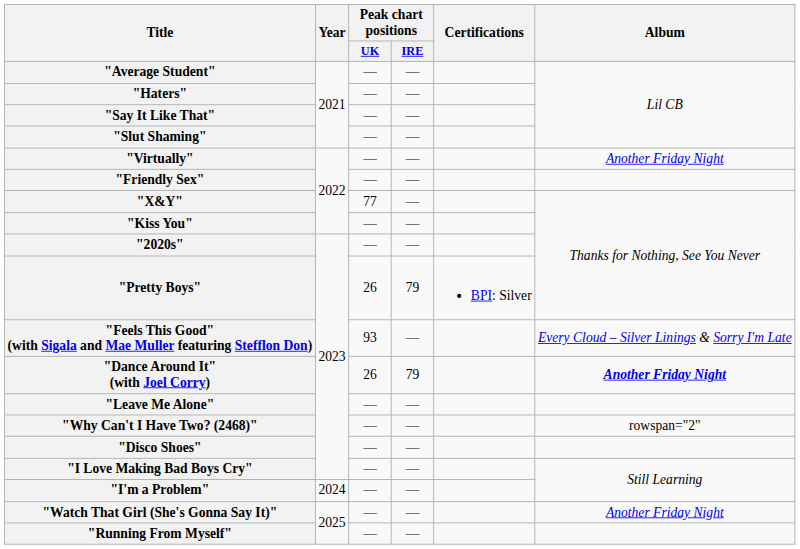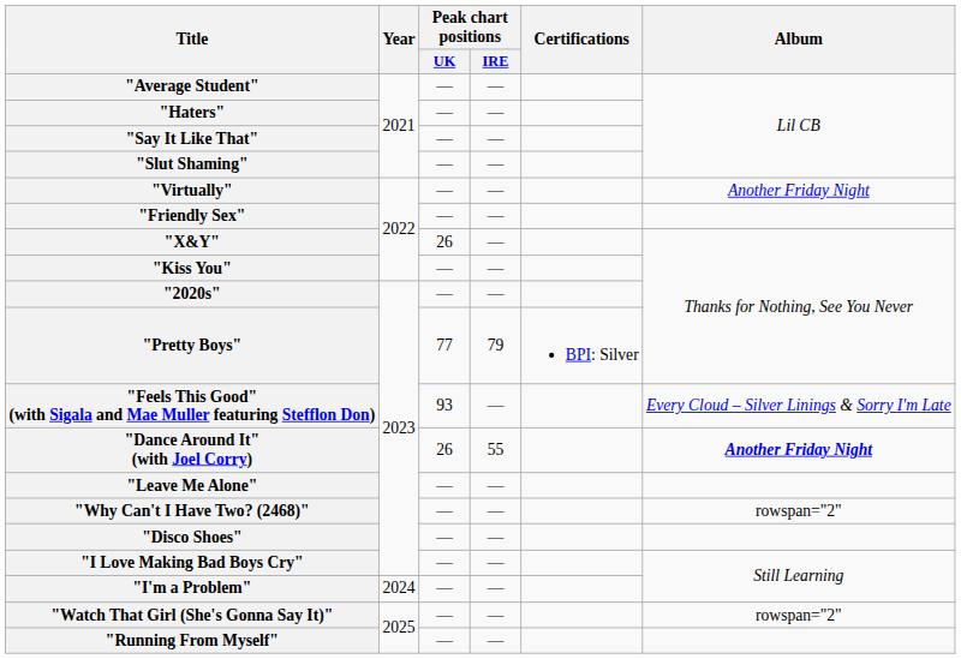 <table class="wikitable plainrowheaders" style="text-align:center">
 <tr>
 <th scope="col" rowspan="2">Title</th>
 <th scope="col" rowspan="2">Year</th>
 <th scope="col" colspan="2">Peak chart positions</th>
 <th scope="col" rowspan="2">Certifications</th>
 <th scope="col" rowspan="2">Album</th>
 </tr>
 <tr>
 <th scope="col" style="width:3em;font-size:90%;"><a href='#'>UK</a><br></th>
 <th scope="col" style="width:3em;font-size:90%;"><a href='#'>IRE</a><br></th>
 </tr>
 <tr>
 <th scope="row">"Average Student"</th>
 <td rowspan="4">2021</td>
 <td>—</td>
 <td>—</td>
 <td></td>
 <td rowspan="4"><em>Lil CB</em></td>
 </tr>
 <tr>
 <th scope="row">"Haters"</th>
 <td>—</td>
 <td>—</td>
 <td></td>
 </tr>
 <tr>
 <th scope="row">"Say It Like That"</th>
 <td>—</td>
 <td>—</td>
 <td></td>
 </tr>
 <tr>
 <th scope="row">"Slut Shaming"</th>
 <td>—</td>
 <td>—</td>
 <td></td>
 </tr>
 <tr>
 <th scope="row">"Virtually"</th>
 <td rowspan="4">2022</td>
 <td>—</td>
 <td>—</td>
 <td></td>
 <td><em><a href='#'>Another Friday Night</a></em></td>
 </tr>
 <tr>
 <th scope="row">"Friendly Sex"</th>
 <td>—</td>
 <td>—</td>
 <td></td>
 </tr>
 <tr>
 <th scope="row">"X&Y"</th>
-<td>77</td>
+<td>26</td>
 <td>—</td>
 <td></td>
 <td rowspan="4"><em>Thanks for Nothing, See You Never</em></td>
 </tr>
 <tr>
 <th scope="row">"Kiss You"</th>
 <td>—</td>
 <td>—</td>
 <td></td>
 </tr>
 <tr>
 <th scope="row">"2020s"</th>
 <td rowspan="8">2023</td>
 <td>—</td>
 <td>—</td>
 <td></td>
 </tr>
 <tr>
 <th scope="row">"Pretty Boys"</th>
-<td>26</td>
+<td>77</td>
 <td>79</td>
 <td><br><ul><li><a href='#'>BPI</a>: Silver</li></ul></td>
 </tr>
 <tr>
 <th scope="row">"Feels This Good"<br><span>(with <a href='#'>Sigala</a> and <a href='#'>Mae Muller</a> featuring <a href='#'>Stefflon Don</a>)</span></th>
 <td>93</td>
 <td>—</td>
 <td></td>
 <td><em><a href='#'>Every Cloud – Silver Linings</a> & <a href='#'>Sorry I'm Late</a></em></td>
 </tr>
 <tr>
 <th scope="row">"Dance Around It"<br><span>(with <a href='#'>Joel Corry</a>)</span></th>
 <td>26</td>
-<td>79</td>
+<td>55</td>
 <td></td>
 <td><strong><em><a href='#'>Another Friday Night</a></em></strong></td>
 </tr>
 <tr>
 <th scope="row">"Leave Me Alone"</th>
 <td>—</td>
 <td>—</td>
 <td></td>
 <td></td>
 </tr>
 <tr>
 <th scope="row">"Why Can't I Have Two? (2468)"</th>
 <td>—</td>
 <td>—</td>
 <td></td>
 <td>rowspan="2" </td>
 </tr>
 <tr>
 <th scope="row">"Disco Shoes"</th>
 <td>—</td>
 <td>—</td>
 <td></td>
 <td></td>
 </tr>
 <tr>
 <th scope="row">"I Love Making Bad Boys Cry"</th>
 <td>—</td>
 <td>—</td>
 <td></td>
 <td rowspan="2"><em>Still Learning</em></td>
 </tr>
 <tr>
 <th scope="row">"I'm a Problem"</th>
 <td>2024</td>
 <td>—</td>
 <td>—</td>
 <td></td>
 </tr>
 <tr>
 <th scope="row">"Watch That Girl (She's Gonna Say It)"</th>
 <td rowspan="2">2025</td>
 <td>—</td>
 <td>—</td>
 <td></td>
-<td><em><a href='#'>Another Friday Night</a></em></td>
+<td>rowspan="2" </td>
 </tr>
 <tr>
 <th scope="row">"Running From Myself"</th>
 <td>—</td>
 <td>—</td>
 <td></td>
 </tr>
 </table>
